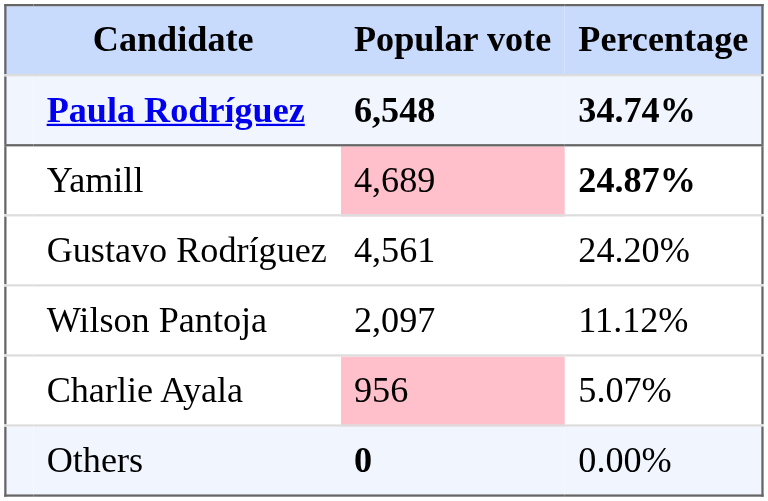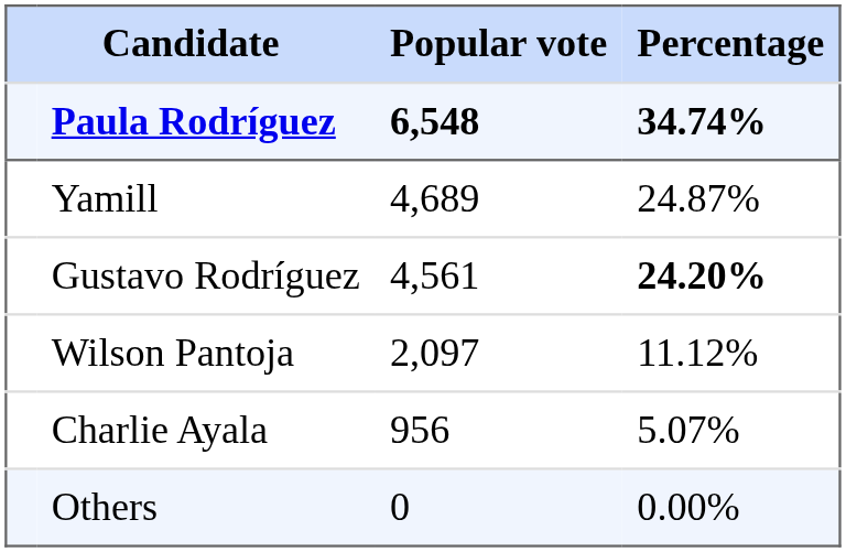 <table style="border: 1px solid #666666; border-collapse: collapse" align="center" cellpadding="6">
 <tr style="background-color: #C9DBFC">
 <th colspan="2">Candidate</th>
 <th>Popular vote</th>
 <th>Percentage</th>
 </tr>
 <tr style="background-color: #F0F5FE">
 <td style="border-top: 1px solid #DDDDDD"></td>
 <td style="border-top: 1px solid #DDDDDD"><strong><a href='#'>Paula Rodríguez</a></strong></td>
 <td style="border-top: 1px solid #DDDDDD"><strong>6,548</strong></td>
 <td style="border-top: 1px solid #DDDDDD"><strong>34.74%</strong></td>
 </tr>
 <tr>
 <td style="border-top: 1px solid #666666"></td>
 <td style="border-top: 1px solid #666666">Yamill</td>
-<td style="background: pink; border-top: 1px solid #666666">4,689</td>
-<td style="border-top: 1px solid #666666"><strong>24.87%</strong></td>
+<td style="border-top: 1px solid #666666">4,689</td>
+<td style="border-top: 1px solid #666666">24.87%</td>
 </tr>
 <tr>
 <td style="border-top: 1px solid #DDDDDD"></td>
 <td style="border-top: 1px solid #DDDDDD">Gustavo Rodríguez</td>
 <td style="border-top: 1px solid #DDDDDD">4,561</td>
-<td style="border-top: 1px solid #DDDDDD">24.20%</td>
+<td style="border-top: 1px solid #DDDDDD"><strong>24.20%</strong></td>
 </tr>
 <tr>
 <td style="border-top: 1px solid #DDDDDD"></td>
 <td style="border-top: 1px solid #DDDDDD">Wilson Pantoja</td>
 <td style="border-top: 1px solid #DDDDDD">2,097</td>
 <td style="border-top: 1px solid #DDDDDD">11.12%</td>
 </tr>
 <tr>
 <td style="border-top: 1px solid #DDDDDD"></td>
 <td style="border-top: 1px solid #DDDDDD">Charlie Ayala</td>
-<td style="background: pink; border-top: 1px solid #DDDDDD">956</td>
+<td style="border-top: 1px solid #DDDDDD">956</td>
 <td style="border-top: 1px solid #DDDDDD">5.07%</td>
 </tr>
 <tr style="background-color: #F0F5FE">
 <td style="border-top: 1px solid #DDDDDD"></td>
 <td style="border-top: 1px solid #DDDDDD">Others</td>
-<td style="border-top: 1px solid #DDDDDD"><strong>0</strong></td>
+<td style="border-top: 1px solid #DDDDDD">0</td>
 <td style="border-top: 1px solid #DDDDDD">0.00%</td>
 </tr>
 </table>
